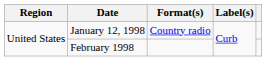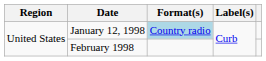 <table class="wikitable">
 <tr>
 <th>Region</th>
 <th>Date</th>
 <th>Format(s)</th>
 <th>Label(s)</th>
 <th></th>
 </tr>
 <tr>
 <td rowspan="2">United States</td>
 <td>January 12, 1998</td>
-<td><a href='#'>Country radio</a></td>
+<td style="background: lightblue;"><a href='#'>Country radio</a></td>
 <td rowspan="2"><a href='#'>Curb</a></td>
 <td></td>
 </tr>
 <tr>
 <td>February 1998</td>
 <td></td>
 <td></td>
 </tr>
 </table>
